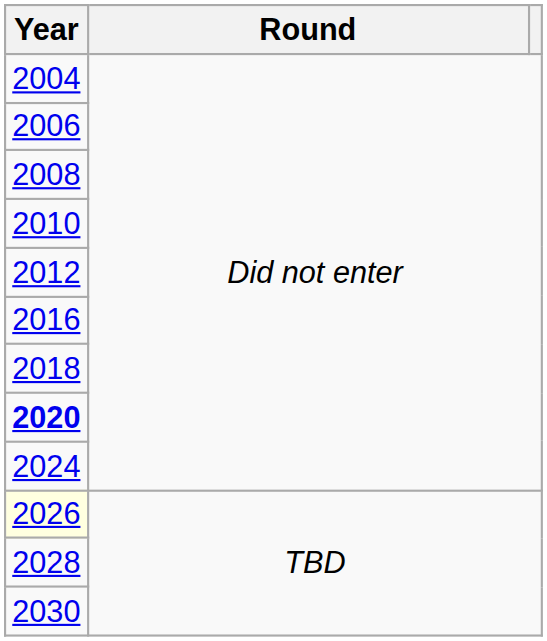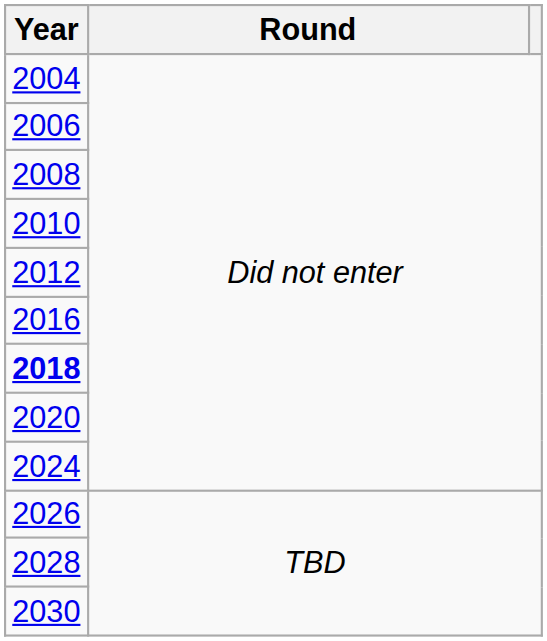 <table class="wikitable" style="text-align: center; font-size:90%">
 <tr>
 <th>Year</th>
 <th style="width:200px">Round</th>
 <th></th>
 </tr>
 <tr>
 <td><a href='#'>2004</a></td>
 <td colspan="2" rowspan="9"><em>Did not enter</em></td>
 </tr>
 <tr>
 <td><a href='#'>2006</a></td>
 </tr>
 <tr>
 <td><a href='#'>2008</a></td>
 </tr>
 <tr>
 <td><a href='#'>2010</a></td>
 </tr>
 <tr>
 <td><a href='#'>2012</a></td>
 </tr>
 <tr>
 <td><a href='#'>2016</a></td>
 </tr>
 <tr>
-<td><a href='#'>2018</a></td>
+<td><strong><a href='#'>2018</a></strong></td>
 </tr>
 <tr>
-<td><strong><a href='#'>2020</a></strong></td>
+<td><a href='#'>2020</a></td>
 </tr>
 <tr>
 <td><a href='#'>2024</a></td>
 </tr>
 <tr>
-<td style="background: lightyellow;"><a href='#'>2026</a></td>
+<td><a href='#'>2026</a></td>
 <td colspan="2" rowspan="3"><em>TBD</em></td>
 </tr>
 <tr>
 <td><a href='#'>2028</a></td>
 </tr>
 <tr>
 <td><a href='#'>2030</a></td>
 </tr>
 </table>
